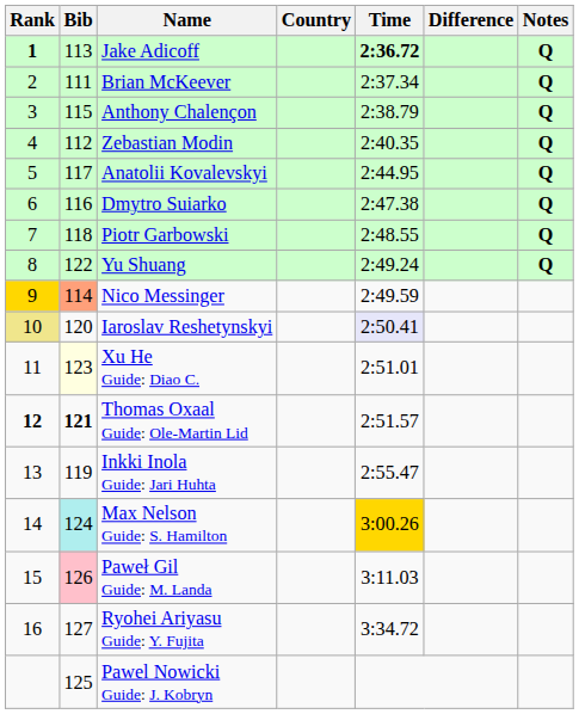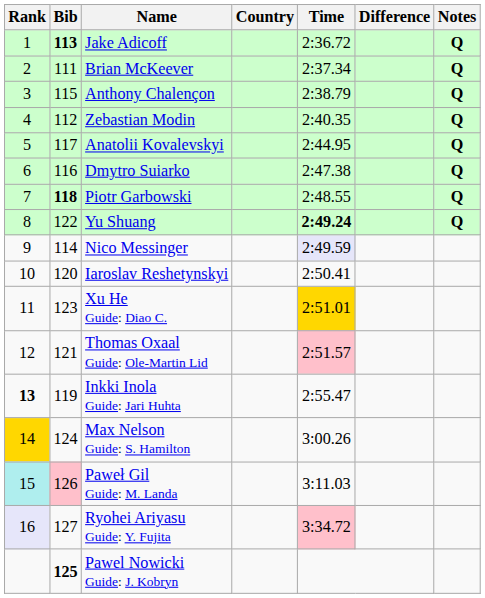 <table class="wikitable sortable" style="text-align:center">
 <tr>
 <th>Rank</th>
 <th>Bib</th>
 <th>Name</th>
 <th>Country</th>
 <th>Time</th>
 <th>Difference</th>
 <th>Notes</th>
 </tr>
 <tr bgcolor=ccffcc>
-<td><strong>1</strong></td>
-<td>113</td>
+<td>1</td>
+<td><strong>113</strong></td>
 <td align=left><a href='#'>Jake Adicoff</a><br></td>
 <td align=left></td>
-<td><strong>2:36.72</strong></td>
+<td>2:36.72</td>
 <td></td>
 <td><strong>Q</strong></td>
 </tr>
 <tr bgcolor=ccffcc>
 <td>2</td>
 <td>111</td>
 <td align=left><a href='#'>Brian McKeever</a><br></td>
 <td align=left></td>
 <td>2:37.34</td>
 <td></td>
 <td><strong>Q</strong></td>
 </tr>
 <tr bgcolor=ccffcc>
 <td>3</td>
 <td>115</td>
 <td align=left><a href='#'>Anthony Chalençon</a><br></td>
 <td align=left></td>
 <td>2:38.79</td>
 <td></td>
 <td><strong>Q</strong></td>
 </tr>
 <tr bgcolor=ccffcc>
 <td>4</td>
 <td>112</td>
 <td align=left><a href='#'>Zebastian Modin</a><br></td>
 <td align=left></td>
 <td>2:40.35</td>
 <td></td>
 <td><strong>Q</strong></td>
 </tr>
 <tr bgcolor=ccffcc>
 <td>5</td>
 <td>117</td>
 <td align=left><a href='#'>Anatolii Kovalevskyi</a><br></td>
 <td align=left></td>
 <td>2:44.95</td>
 <td></td>
 <td><strong>Q</strong></td>
 </tr>
 <tr bgcolor=ccffcc>
 <td>6</td>
 <td>116</td>
 <td align=left><a href='#'>Dmytro Suiarko</a><br></td>
 <td align=left></td>
 <td>2:47.38</td>
 <td></td>
 <td><strong>Q</strong></td>
 </tr>
 <tr bgcolor=ccffcc>
 <td>7</td>
-<td>118</td>
+<td><strong>118</strong></td>
 <td align=left><a href='#'>Piotr Garbowski</a><br></td>
 <td align=left></td>
 <td>2:48.55</td>
 <td></td>
 <td><strong>Q</strong></td>
 </tr>
 <tr bgcolor=ccffcc>
 <td>8</td>
 <td>122</td>
 <td align=left><a href='#'>Yu Shuang</a><br></td>
 <td align=left></td>
-<td>2:49.24</td>
+<td><strong>2:49.24</strong></td>
 <td></td>
 <td><strong>Q</strong></td>
 </tr>
 <tr>
-<td style="background: gold;">9</td>
-<td style="background: lightsalmon;">114</td>
+<td>9</td>
+<td>114</td>
 <td align="left"><a href='#'>Nico Messinger</a><br></td>
 <td align="left"></td>
-<td>2:49.59</td>
+<td style="background: lavender;">2:49.59</td>
 <td></td>
 <td></td>
 </tr>
 <tr>
-<td style="background: khaki;">10</td>
+<td>10</td>
 <td>120</td>
 <td align="left"><a href='#'>Iaroslav Reshetynskyi</a><br></td>
 <td align="left"></td>
-<td style="background: lavender;">2:50.41</td>
+<td>2:50.41</td>
 <td></td>
 <td></td>
 </tr>
 <tr>
 <td>11</td>
-<td style="background: lightyellow;">123</td>
+<td>123</td>
 <td align="left"><a href='#'>Xu He</a><br><small><a href='#'>Guide</a>: <a href='#'>Diao C.</a> </small></td>
 <td align="left"></td>
-<td>2:51.01</td>
+<td style="background: gold;">2:51.01</td>
 <td></td>
 <td></td>
 </tr>
 <tr>
-<td><strong>12</strong></td>
-<td><strong>121</strong></td>
+<td>12</td>
+<td>121</td>
 <td align="left"><a href='#'>Thomas Oxaal</a><br><small><a href='#'>Guide</a>: <a href='#'>Ole-Martin Lid</a> </small></td>
 <td align="left"></td>
-<td>2:51.57</td>
+<td style="background: pink;">2:51.57</td>
 <td></td>
 <td></td>
 </tr>
 <tr>
-<td>13</td>
+<td><strong>13</strong></td>
 <td>119</td>
 <td align="left"><a href='#'>Inkki Inola</a><br><small><a href='#'>Guide</a>: <a href='#'>Jari Huhta</a> </small></td>
 <td align="left"></td>
 <td>2:55.47</td>
 <td></td>
 <td></td>
 </tr>
 <tr>
-<td>14</td>
-<td style="background: paleturquoise;">124</td>
+<td style="background: gold;">14</td>
+<td>124</td>
 <td align="left"><a href='#'>Max Nelson</a><br><small><a href='#'>Guide</a>: <a href='#'>S. Hamilton</a> </small></td>
 <td align="left"></td>
-<td style="background: gold;">3:00.26</td>
+<td>3:00.26</td>
 <td></td>
 <td></td>
 </tr>
 <tr>
-<td>15</td>
+<td style="background: paleturquoise;">15</td>
 <td style="background: pink;">126</td>
 <td align="left"><a href='#'>Paweł Gil</a><br><small><a href='#'>Guide</a>: <a href='#'>M. Landa</a> </small></td>
 <td align="left"></td>
 <td>3:11.03</td>
 <td></td>
 <td></td>
 </tr>
 <tr>
-<td>16</td>
+<td style="background: lavender;">16</td>
 <td>127</td>
 <td align="left"><a href='#'>Ryohei Ariyasu</a><br><small><a href='#'>Guide</a>: <a href='#'>Y. Fujita</a> </small></td>
 <td align="left"></td>
-<td>3:34.72</td>
+<td style="background: pink;">3:34.72</td>
 <td></td>
 <td></td>
 </tr>
 <tr>
 <td></td>
-<td>125</td>
+<td><strong>125</strong></td>
 <td align="left"><a href='#'>Pawel Nowicki</a><br><small><a href='#'>Guide</a>: <a href='#'>J. Kobryn</a> </small></td>
 <td align="left"></td>
 <td colspan=2></td>
 <td></td>
 </tr>
 </table>
